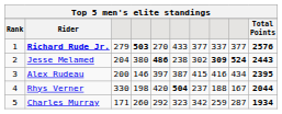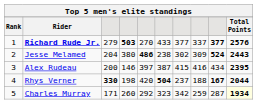 <table class="wikitable sortable">
 <tr>
 <th colspan=27 align="center"><strong>Top 5 men's elite standings</strong></th>
 </tr>
 <tr>
 </tr>
 <tr style="font-size:8pt;font-weight:bold">
 <th align="center">Rank</th>
 <th align="center">Rider</th>
 <th class=unsortable style="background:#E5E4E2;"><small></small></th>
 <th class=unsortable style="background:#E5E4E2;"><small></small></th>
 <th class=unsortable style="background:#E5E4E2;"><small></small></th>
 <th class=unsortable style="background:#E5E4E2;"><small></small></th>
 <th class=unsortable style="background:#E5E4E2;"><small></small></th>
 <th class=unsortable style="background:#E5E4E2;"><small></small></th>
 <th class=unsortable style="background:#E5E4E2;"><small></small></th>
 <th align="center">Total<br>Points</th>
 </tr>
 <tr>
 <td align=center>1</td>
 <td> <strong><a href='#'>Richard Rude Jr.</a></strong></td>
 <td align=center>279</td>
 <td align=center><strong>503</strong></td>
 <td align=center>270</td>
 <td align=center>433</td>
 <td align=center>377</td>
 <td align=center>337</td>
-<td align=center>377</td>
+<td align=center><strong>377</strong></td>
 <td align=center><strong>2576</strong></td>
 </tr>
 <tr>
 <td align=center>2</td>
 <td> <a href='#'>Jesse Melamed</a></td>
 <td align=center>204</td>
 <td align=center>380</td>
 <td align=center><strong>486</strong></td>
 <td align=center>238</td>
 <td align=center>302</td>
-<td align=center><strong>309</strong></td>
+<td align=center>309</td>
 <td align=center><strong>524</strong></td>
 <td align=center><strong>2443</strong></td>
 </tr>
 <tr>
 <td align=center>3</td>
 <td> <a href='#'>Alex Rudeau</a></td>
 <td align=center>200</td>
 <td align=center>146</td>
 <td align=center>397</td>
 <td align=center>387</td>
 <td align=center>415</td>
 <td align=center>416</td>
 <td align=center>434</td>
 <td align=center><strong>2395</strong></td>
 </tr>
 <tr>
 <td align=center>4</td>
 <td> <a href='#'>Rhys Verner</a></td>
-<td align=center>330</td>
+<td align=center><strong>330</strong></td>
 <td align=center>198</td>
 <td align=center>420</td>
 <td align=center><strong>504</strong></td>
 <td align=center>237</td>
 <td align=center>188</td>
-<td align=center>167</td>
+<td align=center><strong>167</strong></td>
 <td align=center><strong>2044</strong></td>
 </tr>
 <tr>
 <td align=center>5</td>
 <td> <a href='#'>Charles Murray</a></td>
 <td align=center>171</td>
 <td align=center>260</td>
 <td align=center>292</td>
 <td align=center>323</td>
 <td align=center>342</td>
 <td align=center>259</td>
 <td align=center>287</td>
-<td align=center><strong>1934</strong><br></td>
+<td align=center style="background: lightyellow;"><strong>1934</strong><br></td>
 </tr>
 </table>
